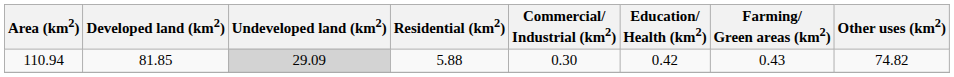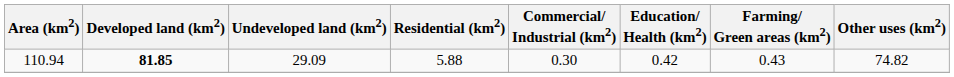 <table class="wikitable" style="text-align: center;">
 <tr>
 <th>Area (km<sup>2</sup>)</th>
 <th>Developed land (km<sup>2</sup>)</th>
 <th>Undeveloped land (km<sup>2</sup>)</th>
 <th>Residential (km<sup>2</sup>)</th>
 <th>Commercial/<br> Industrial (km<sup>2</sup>)</th>
 <th>Education/<br> Health (km<sup>2</sup>)</th>
 <th>Farming/<br> Green areas (km<sup>2</sup>)</th>
 <th>Other uses (km<sup>2</sup>)</th>
 </tr>
 <tr>
 <td>110.94</td>
-<td>81.85</td>
-<td style="background: lightgrey;">29.09</td>
+<td><strong>81.85</strong></td>
+<td>29.09</td>
 <td>5.88</td>
 <td>0.30</td>
 <td>0.42</td>
 <td>0.43</td>
 <td>74.82</td>
 </tr>
 <tr>
 </tr>
 </table>
